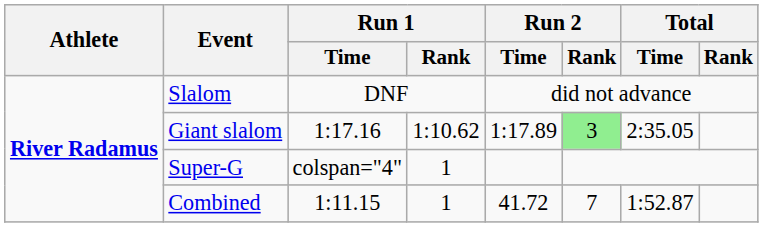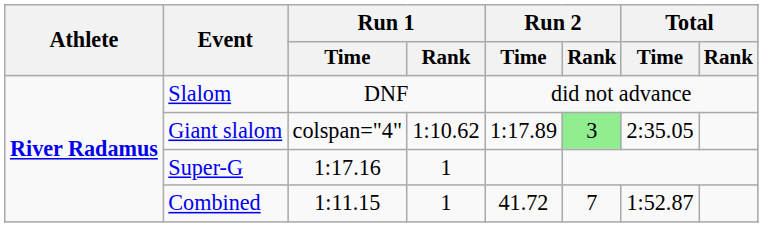 <table class="wikitable" style="font-size:90%">
 <tr>
 <th rowspan=2>Athlete</th>
 <th rowspan=2>Event</th>
 <th colspan=2>Run 1</th>
 <th colspan=2>Run 2</th>
 <th colspan=2>Total</th>
 </tr>
 <tr style="font-size:95%">
 <th>Time</th>
 <th>Rank</th>
 <th>Time</th>
 <th>Rank</th>
 <th>Time</th>
 <th>Rank</th>
 </tr>
 <tr align=center>
 <td align="left" rowspan="4"><strong><a href='#'>River Radamus</a></strong></td>
 <td align="left"><a href='#'>Slalom</a></td>
 <td colspan=2>DNF</td>
 <td colspan=4>did not advance</td>
 </tr>
 <tr align=center>
 <td align="left"><a href='#'>Giant slalom</a></td>
-<td>1:17.16</td>
+<td>colspan="4" </td>
 <td>1:10.62</td>
 <td>1:17.89</td>
 <td style="background: lightgreen;">3</td>
 <td>2:35.05</td>
 <td></td>
 </tr>
 <tr align=center>
 <td align="left"><a href='#'>Super-G</a></td>
-<td>colspan="4" </td>
+<td>1:17.16</td>
 <td>1</td>
 <td></td>
 </tr>
 <tr align=center>
 <td align="left"><a href='#'>Combined</a></td>
 <td>1:11.15</td>
 <td>1</td>
 <td>41.72</td>
 <td>7</td>
 <td>1:52.87</td>
 <td></td>
 </tr>
 </table>
